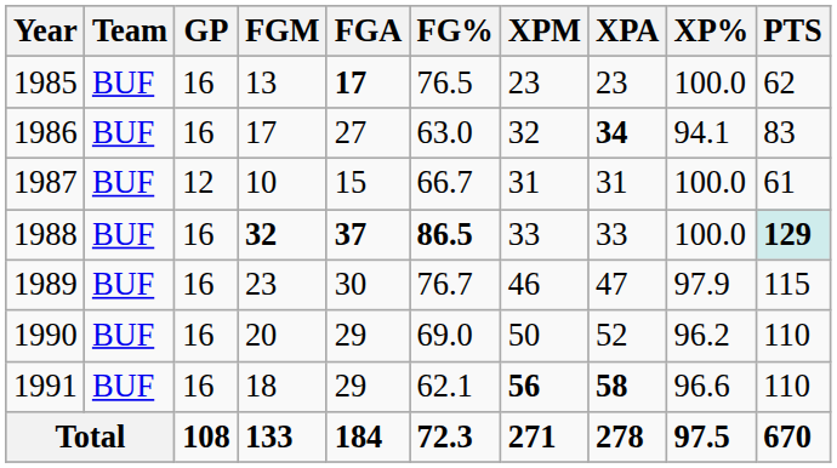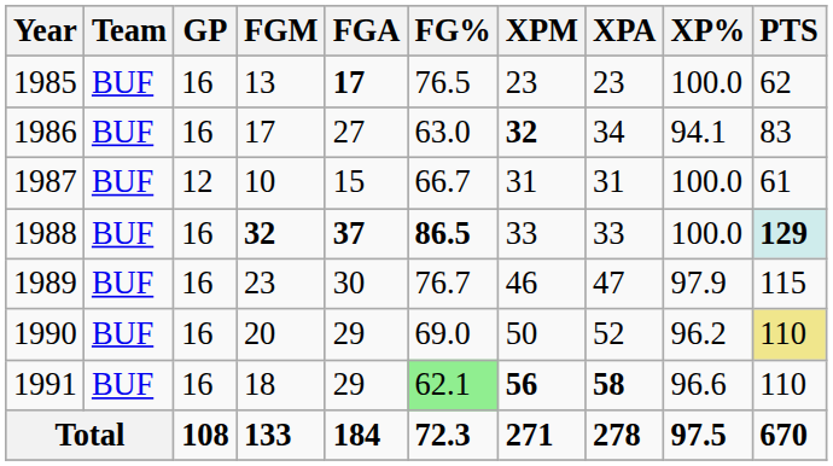 <table class="wikitable">
 <tr>
 <th>Year</th>
 <th>Team</th>
 <th>GP</th>
 <th>FGM</th>
 <th>FGA</th>
 <th>FG%</th>
 <th>XPM</th>
 <th>XPA</th>
 <th>XP%</th>
 <th>PTS</th>
 </tr>
 <tr>
 <td>1985</td>
 <td><a href='#'>BUF</a></td>
 <td>16</td>
 <td>13</td>
 <td><strong>17</strong></td>
 <td>76.5</td>
 <td>23</td>
 <td>23</td>
 <td>100.0</td>
 <td>62</td>
 </tr>
 <tr>
 <td>1986</td>
 <td><a href='#'>BUF</a></td>
 <td>16</td>
 <td>17</td>
 <td>27</td>
 <td>63.0</td>
-<td>32</td>
-<td><strong>34</strong></td>
+<td><strong>32</strong></td>
+<td>34</td>
 <td>94.1</td>
 <td>83</td>
 </tr>
 <tr>
 <td>1987</td>
 <td><a href='#'>BUF</a></td>
 <td>12</td>
 <td>10</td>
 <td>15</td>
 <td>66.7</td>
 <td>31</td>
 <td>31</td>
 <td>100.0</td>
 <td>61</td>
 </tr>
 <tr>
 <td>1988</td>
 <td><a href='#'>BUF</a></td>
 <td>16</td>
 <td><strong>32</strong></td>
 <td><strong>37</strong></td>
 <td><strong>86.5</strong></td>
 <td>33</td>
 <td>33</td>
 <td>100.0</td>
 <td style="background:#cfecec;"><strong>129</strong></td>
 </tr>
 <tr>
 <td>1989</td>
 <td><a href='#'>BUF</a></td>
 <td>16</td>
 <td>23</td>
 <td>30</td>
 <td>76.7</td>
 <td>46</td>
 <td>47</td>
 <td>97.9</td>
 <td>115</td>
 </tr>
 <tr>
 <td>1990</td>
 <td><a href='#'>BUF</a></td>
 <td>16</td>
 <td>20</td>
 <td>29</td>
 <td>69.0</td>
 <td>50</td>
 <td>52</td>
 <td>96.2</td>
-<td>110</td>
+<td style="background: khaki;">110</td>
 </tr>
 <tr>
 <td>1991</td>
 <td><a href='#'>BUF</a></td>
 <td>16</td>
 <td>18</td>
 <td>29</td>
-<td>62.1</td>
+<td style="background: lightgreen;">62.1</td>
 <td><strong>56</strong></td>
 <td><strong>58</strong></td>
 <td>96.6</td>
 <td>110</td>
 </tr>
 <tr>
 <th colspan="2">Total</th>
 <td><strong>108</strong></td>
 <td><strong>133</strong></td>
 <td><strong>184</strong></td>
 <td><strong>72.3</strong></td>
 <td><strong>271</strong></td>
 <td><strong>278</strong></td>
 <td><strong>97.5</strong></td>
 <td><strong>670</strong></td>
 </tr>
 </table>
